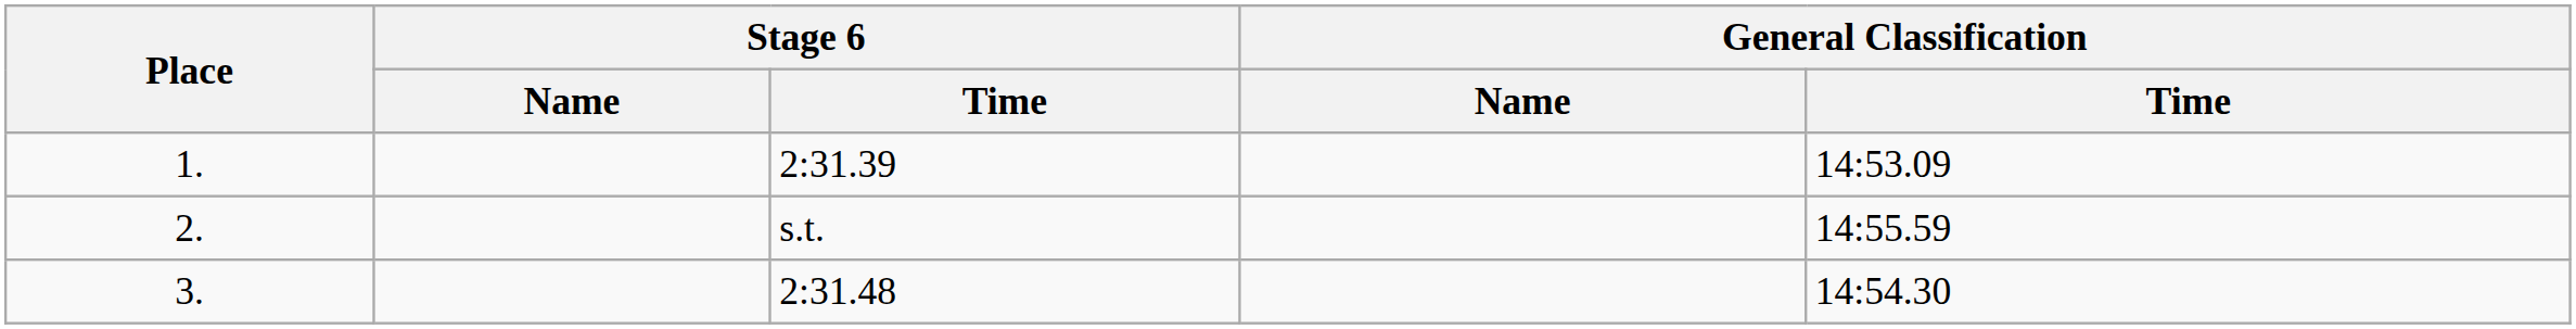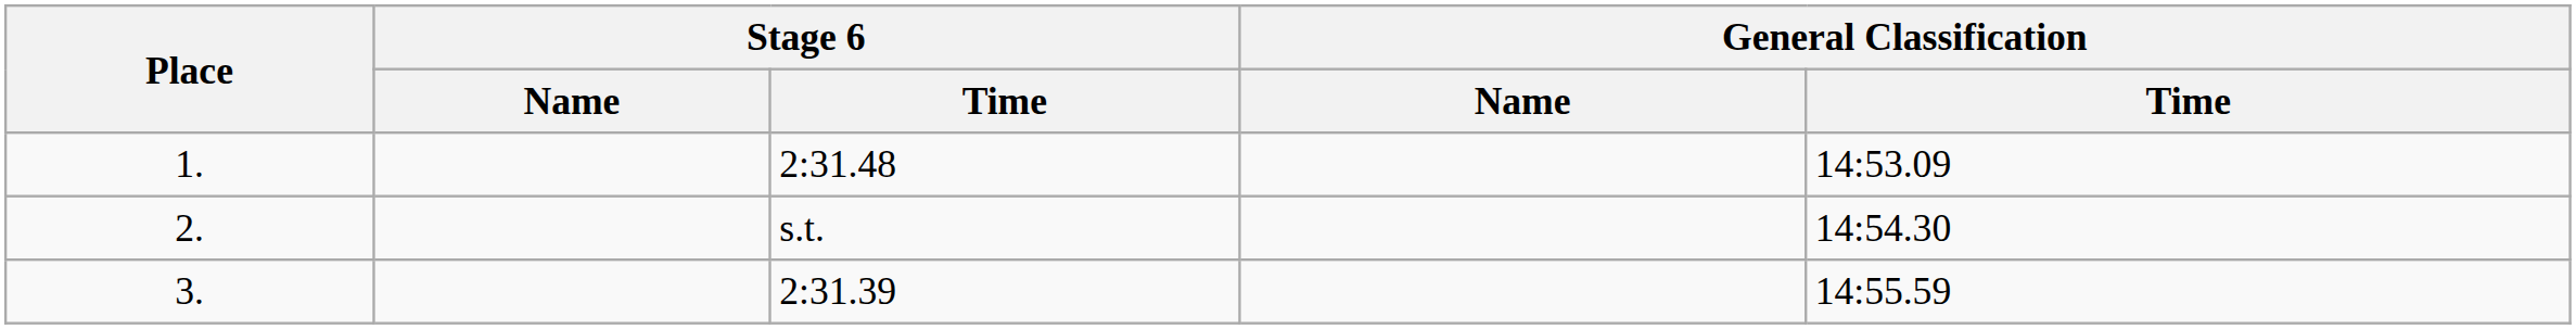 <table class=wikitable style="font-size:95%" width="80%">
 <tr>
 <th rowspan="2">Place</th>
 <th colspan="2">Stage 6</th>
 <th colspan="2">General Classification</th>
 </tr>
 <tr>
 <th>Name</th>
 <th>Time</th>
 <th>Name</th>
 <th>Time</th>
 </tr>
 <tr>
 <td align="center">1.</td>
 <td></td>
-<td>2:31.39</td>
+<td>2:31.48</td>
 <td></td>
 <td>14:53.09</td>
 </tr>
 <tr>
 <td align="center">2.</td>
 <td></td>
 <td>s.t.</td>
 <td></td>
-<td>14:55.59</td>
+<td>14:54.30</td>
 </tr>
 <tr>
 <td align="center">3.</td>
 <td></td>
-<td>2:31.48</td>
+<td>2:31.39</td>
 <td></td>
-<td>14:54.30</td>
+<td>14:55.59</td>
 </tr>
 </table>
